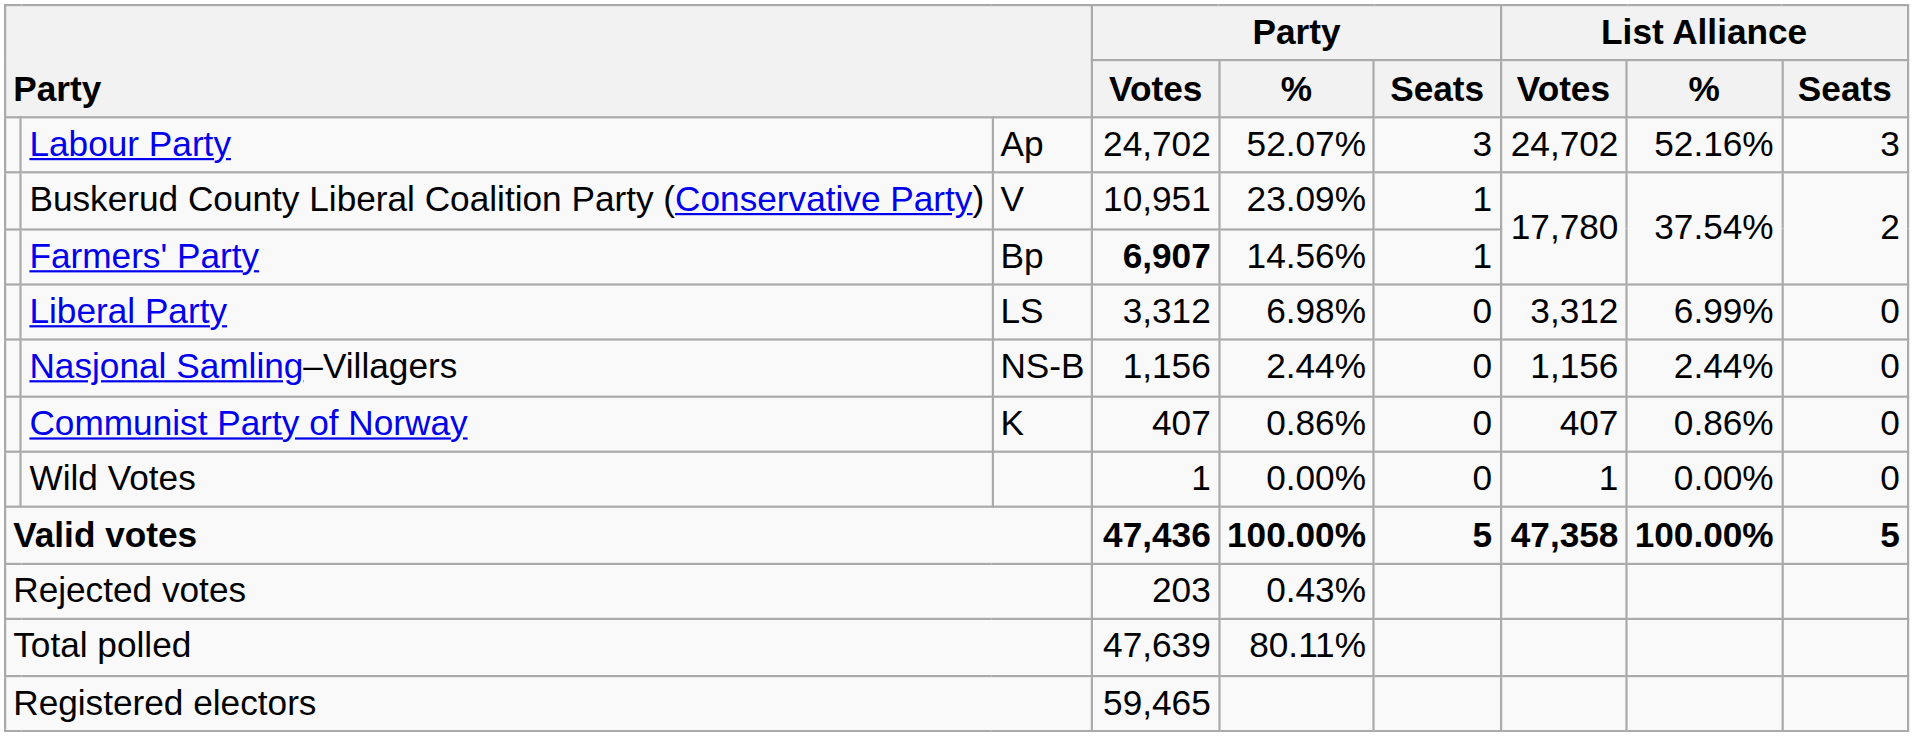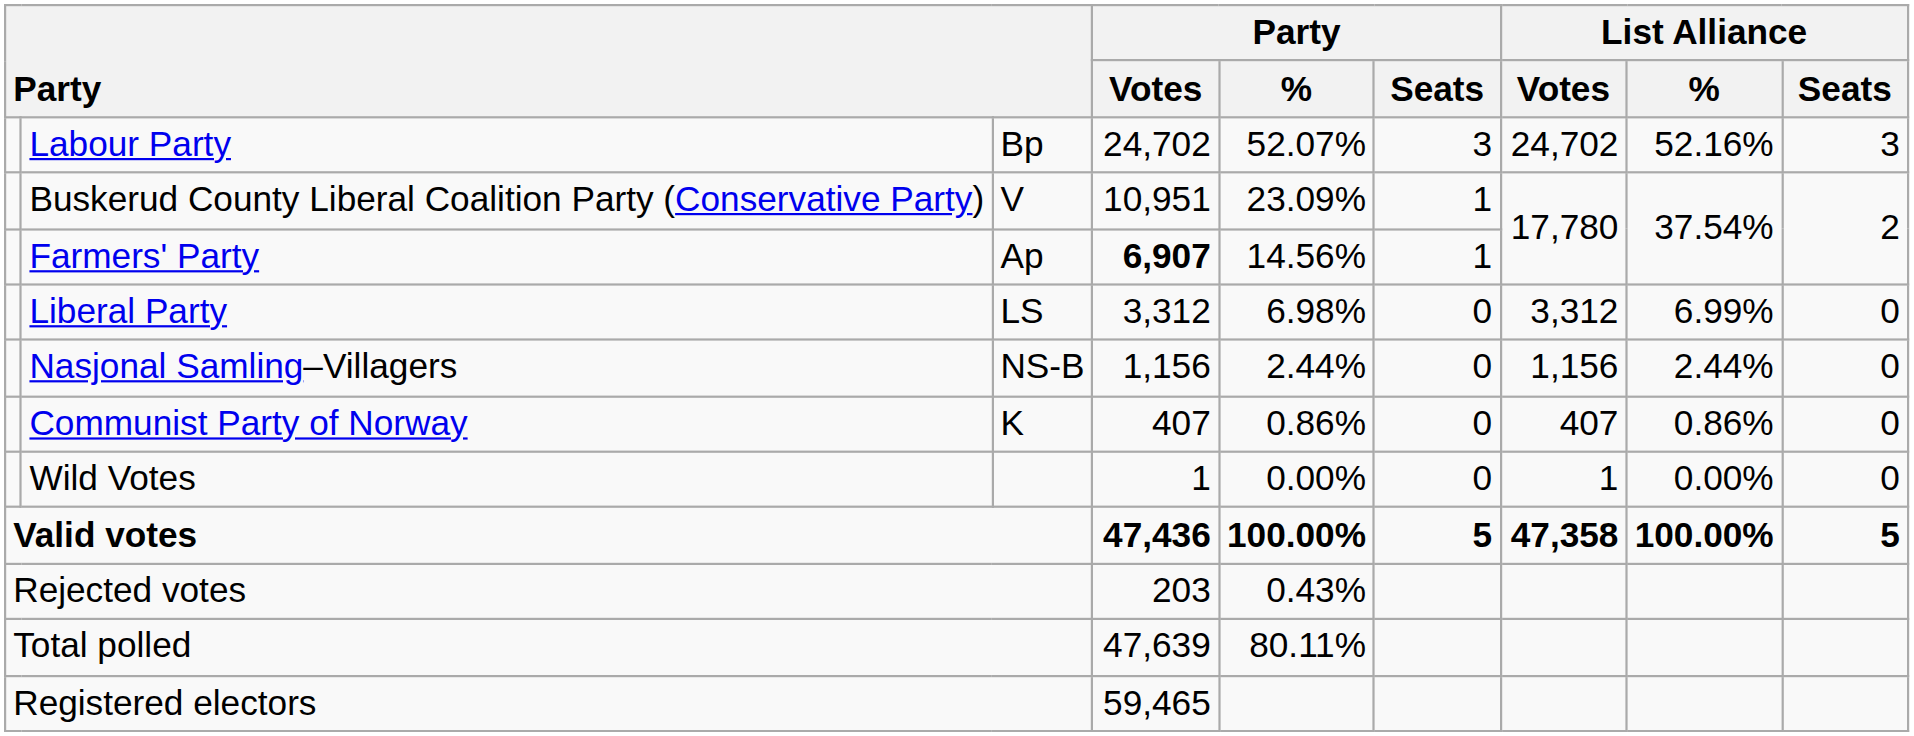 <table class="wikitable" border="1" style="text-align:right;">
 <tr>
 <th style="text-align:left;" valign=bottom rowspan=2 colspan=3>Party</th>
 <th colspan=3>Party</th>
 <th colspan=3>List Alliance</th>
 </tr>
 <tr>
 <th align=center valign=bottom width="50">Votes</th>
 <th align=center valign=bottom width="50">%</th>
 <th align=center valign=bottom width="50">Seats</th>
 <th align=center valign=bottom width="50">Votes</th>
 <th align=center valign=bottom width="50">%</th>
 <th align=center valign=bottom width="50">Seats</th>
 </tr>
 <tr>
 <td style="color:inherit;background:"></td>
 <td align=left><a href='#'>Labour Party</a></td>
-<td align=left>Ap</td>
+<td align=left>Bp</td>
 <td>24,702</td>
 <td>52.07%</td>
 <td>3</td>
 <td>24,702</td>
 <td>52.16%</td>
 <td>3</td>
 </tr>
 <tr>
 <td></td>
 <td align=left>Buskerud County Liberal Coalition Party (<a href='#'>Conservative Party</a>)</td>
 <td align=left>V</td>
 <td>10,951</td>
 <td>23.09%</td>
 <td>1</td>
 <td rowspan=2>17,780</td>
 <td rowspan=2>37.54%</td>
 <td rowspan=2>2</td>
 </tr>
 <tr>
 <td style="color:inherit;background:"></td>
 <td align=left><a href='#'>Farmers' Party</a></td>
-<td align=left>Bp</td>
+<td align=left>Ap</td>
 <td><strong>6,907</strong></td>
 <td>14.56%</td>
 <td>1</td>
 </tr>
 <tr>
 <td style="color:inherit;background:"></td>
 <td align=left><a href='#'>Liberal Party</a></td>
 <td align=left>LS</td>
 <td>3,312</td>
 <td>6.98%</td>
 <td>0</td>
 <td>3,312</td>
 <td>6.99%</td>
 <td>0</td>
 </tr>
 <tr>
 <td></td>
 <td align=left><a href='#'>Nasjonal Samling</a>–Villagers</td>
 <td align=left>NS-B</td>
 <td>1,156</td>
 <td>2.44%</td>
 <td>0</td>
 <td>1,156</td>
 <td>2.44%</td>
 <td>0</td>
 </tr>
 <tr>
 <td style="color:inherit;background:"></td>
 <td align=left><a href='#'>Communist Party of Norway</a></td>
 <td align=left>K</td>
 <td>407</td>
 <td>0.86%</td>
 <td>0</td>
 <td>407</td>
 <td>0.86%</td>
 <td>0</td>
 </tr>
 <tr>
 <td></td>
 <td align=left>Wild Votes</td>
 <td align=left></td>
 <td>1</td>
 <td>0.00%</td>
 <td>0</td>
 <td>1</td>
 <td>0.00%</td>
 <td>0</td>
 </tr>
 <tr style="font-weight:bold">
 <td align=left colspan=3>Valid votes</td>
 <td>47,436</td>
 <td>100.00%</td>
 <td>5</td>
 <td>47,358</td>
 <td>100.00%</td>
 <td>5</td>
 </tr>
 <tr>
 <td align=left colspan=3>Rejected votes</td>
 <td>203</td>
 <td>0.43%</td>
 <td></td>
 <td></td>
 <td></td>
 <td></td>
 </tr>
 <tr>
 <td align=left colspan=3>Total polled</td>
 <td>47,639</td>
 <td>80.11%</td>
 <td></td>
 <td></td>
 <td></td>
 <td></td>
 </tr>
 <tr>
 <td align=left colspan=3>Registered electors</td>
 <td>59,465</td>
 <td></td>
 <td></td>
 <td></td>
 <td></td>
 <td></td>
 </tr>
 </table>
